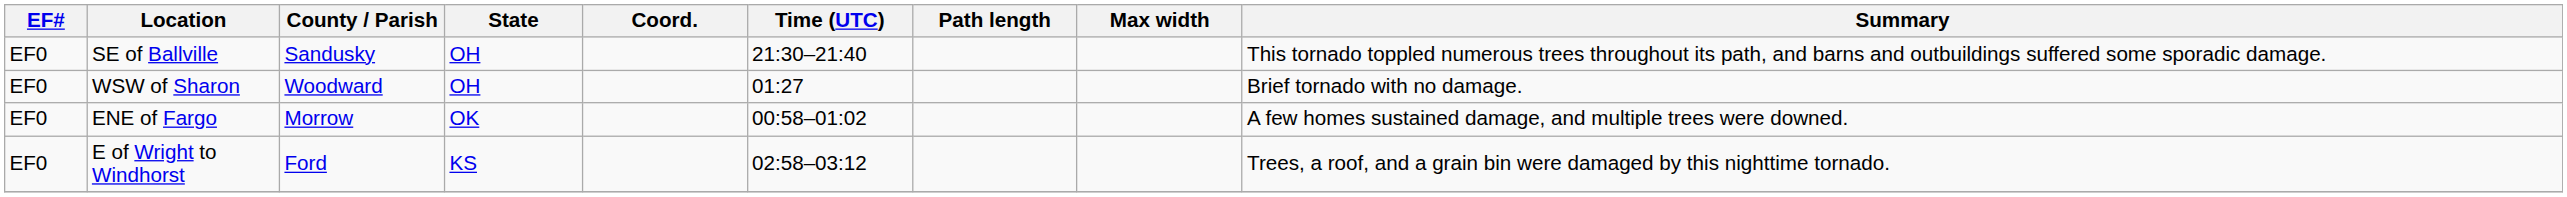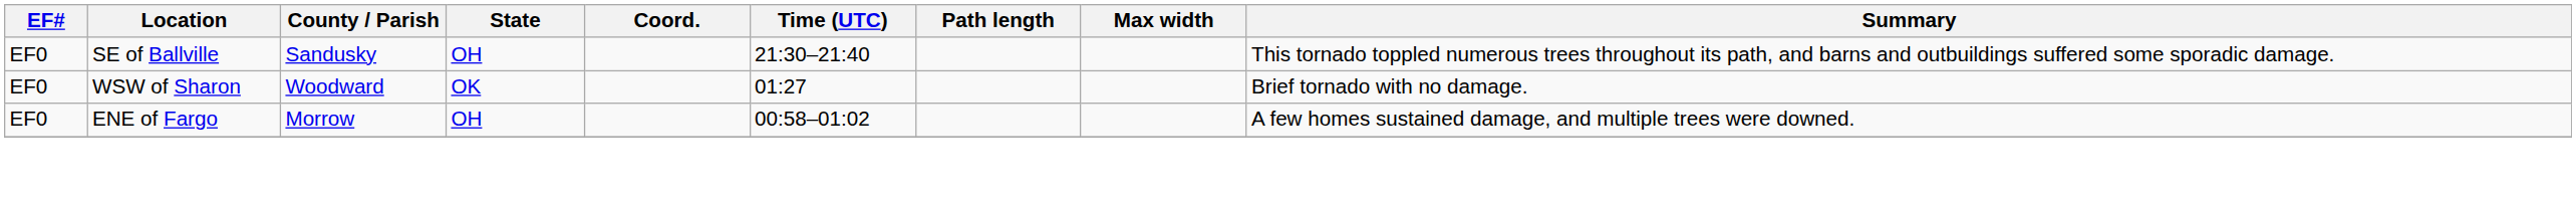 <table class="wikitable sortable" style="width:100%;">
 <tr>
 <th scope="col" width="3%" align="center"><a href='#'>EF#</a></th>
 <th scope="col" width="7%" align="center" class="unsortable">Location</th>
 <th scope="col" width="6%" align="center" class="unsortable">County / Parish</th>
 <th scope="col" width="5%" align="center">State</th>
 <th scope="col" width="6%" align="center">Coord.</th>
 <th scope="col" width="6%" align="center">Time (<a href='#'>UTC</a>)</th>
 <th scope="col" width="6%" align="center">Path length</th>
 <th scope="col" width="6%" align="center">Max width</th>
 <th scope="col" width="48%" class="unsortable" align="center">Summary</th>
 </tr>
 <tr>
 <td>EF0</td>
 <td>SE of <a href='#'>Ballville</a></td>
 <td><a href='#'>Sandusky</a></td>
 <td><a href='#'>OH</a></td>
 <td></td>
 <td>21:30–21:40</td>
 <td></td>
 <td></td>
 <td>This tornado toppled numerous trees throughout its path, and barns and outbuildings suffered some sporadic damage.</td>
 </tr>
 <tr>
 <td>EF0</td>
 <td>WSW of <a href='#'>Sharon</a></td>
 <td><a href='#'>Woodward</a></td>
-<td><a href='#'>OH</a></td>
+<td><a href='#'>OK</a></td>
 <td></td>
 <td>01:27</td>
 <td></td>
 <td></td>
 <td>Brief tornado with no damage.</td>
 </tr>
 <tr>
 <td>EF0</td>
 <td>ENE of <a href='#'>Fargo</a></td>
 <td><a href='#'>Morrow</a></td>
-<td><a href='#'>OK</a></td>
+<td><a href='#'>OH</a></td>
 <td></td>
 <td>00:58–01:02</td>
 <td></td>
 <td></td>
 <td>A few homes sustained damage, and multiple trees were downed.</td>
 </tr>
 <tr>
-<td>EF0</td>
-<td>E of <a href='#'>Wright</a> to <a href='#'>Windhorst</a></td>
-<td><a href='#'>Ford</a></td>
-<td><a href='#'>KS</a></td>
-<td></td>
-<td>02:58–03:12</td>
-<td></td>
-<td></td>
-<td>Trees, a roof, and a grain bin were damaged by this nighttime tornado.</td>
-</tr>
-<tr>
 </tr>
 </table>
